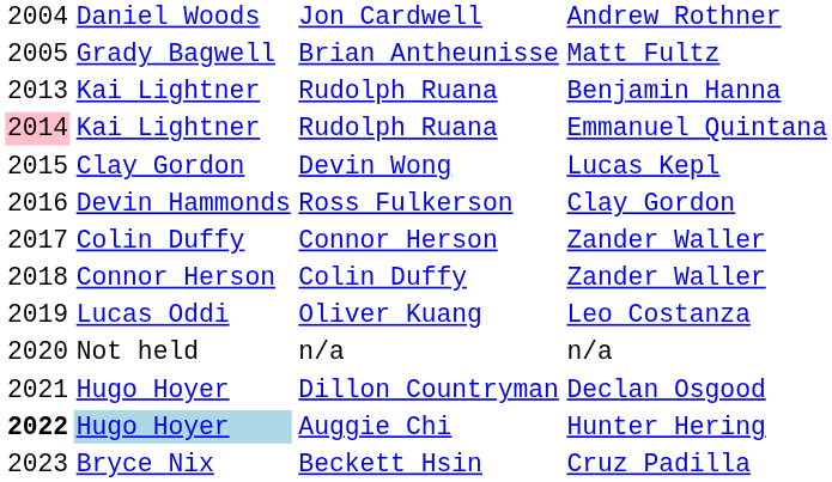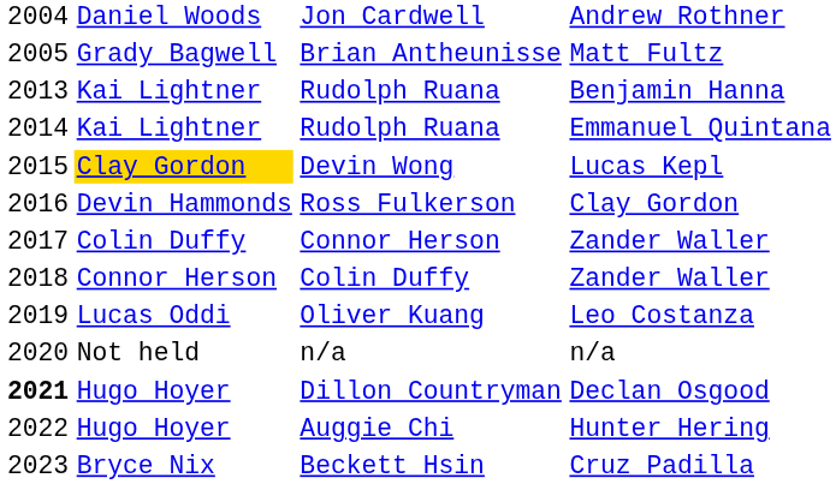 <table>
 <tr>
 <td style="text-align:center;">2004</td>
 <td><a href='#'>Daniel Woods</a></td>
 <td><a href='#'>Jon Cardwell</a></td>
 <td><a href='#'>Andrew Rothner</a></td>
 </tr>
 <tr>
 <td style="text-align:center;">2005</td>
 <td><a href='#'>Grady Bagwell</a></td>
 <td><a href='#'>Brian Antheunisse</a></td>
 <td><a href='#'>Matt Fultz</a></td>
 </tr>
 <tr>
 <td style="text-align:center;">2013</td>
 <td><a href='#'>Kai Lightner</a></td>
 <td><a href='#'>Rudolph Ruana</a></td>
 <td><a href='#'>Benjamin Hanna</a></td>
 </tr>
 <tr>
-<td style="background: pink; text-align:center;">2014</td>
+<td style="text-align:center;">2014</td>
 <td><a href='#'>Kai Lightner</a></td>
 <td><a href='#'>Rudolph Ruana</a></td>
 <td><a href='#'>Emmanuel Quintana</a></td>
 </tr>
 <tr>
 <td style="text-align:center;">2015</td>
-<td><a href='#'>Clay Gordon</a></td>
+<td style="background: gold;"><a href='#'>Clay Gordon</a></td>
 <td><a href='#'>Devin Wong</a></td>
 <td><a href='#'>Lucas Kepl</a></td>
 </tr>
 <tr>
 <td style="text-align:center;">2016</td>
 <td><a href='#'>Devin Hammonds</a></td>
 <td><a href='#'>Ross Fulkerson</a></td>
 <td><a href='#'>Clay Gordon</a></td>
 </tr>
 <tr>
 <td style="text-align:center;">2017</td>
 <td><a href='#'>Colin Duffy</a></td>
 <td><a href='#'>Connor Herson</a></td>
 <td><a href='#'>Zander Waller</a></td>
 </tr>
 <tr>
 <td style="text-align:center;">2018</td>
 <td><a href='#'>Connor Herson</a></td>
 <td><a href='#'>Colin Duffy</a></td>
 <td><a href='#'>Zander Waller</a></td>
 </tr>
 <tr>
 <td style="text-align:center;">2019</td>
 <td><a href='#'>Lucas Oddi</a></td>
 <td><a href='#'>Oliver Kuang</a></td>
 <td><a href='#'>Leo Costanza</a></td>
 </tr>
 <tr>
 <td style="text-align:center;">2020</td>
 <td>Not held</td>
 <td>n/a</td>
 <td>n/a</td>
 </tr>
 <tr>
-<td style="text-align:center;">2021</td>
+<td style="text-align:center;"><strong>2021</strong></td>
 <td><a href='#'>Hugo Hoyer</a></td>
 <td><a href='#'>Dillon Countryman</a></td>
 <td><a href='#'>Declan Osgood</a></td>
 </tr>
 <tr>
-<td style="text-align:center;"><strong>2022</strong></td>
-<td style="background: lightblue;"><a href='#'>Hugo Hoyer</a></td>
+<td style="text-align:center;">2022</td>
+<td><a href='#'>Hugo Hoyer</a></td>
 <td><a href='#'>Auggie Chi</a></td>
 <td><a href='#'>Hunter Hering</a></td>
 </tr>
 <tr>
 <td style="text-align:center;">2023</td>
 <td><a href='#'>Bryce Nix</a></td>
 <td><a href='#'>Beckett Hsin</a></td>
 <td><a href='#'>Cruz Padilla</a></td>
 </tr>
 </table>
